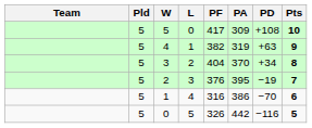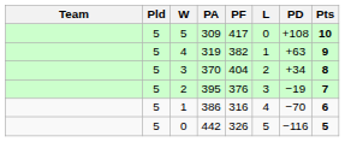 <table class=wikitable style="text-align:center">
 <tr>
 <th width=180>Team</th>
 <th width=30>Pld</th>
 <th width=30>W</th>
+<th width=30>PA</th>
+<th width=30>PF</th>
 <th width=30>L</th>
-<th width=30>PF</th>
-<th width=30>PA</th>
 <th width=30>PD</th>
 <th width=30>Pts</th>
 </tr>
 <tr align=center bgcolor="#ccffcc">
 <td align=left></td>
 <td>5</td>
 <td>5</td>
+<td>309</td>
+<td>417</td>
 <td>0</td>
-<td>417</td>
-<td>309</td>
 <td>+108</td>
 <td><strong>10</strong></td>
 </tr>
 <tr align=center bgcolor="#ccffcc">
 <td align=left></td>
 <td>5</td>
 <td>4</td>
+<td>319</td>
+<td>382</td>
 <td>1</td>
-<td>382</td>
-<td>319</td>
 <td>+63</td>
 <td><strong>9</strong></td>
 </tr>
 <tr align=center bgcolor="#ccffcc">
 <td align=left></td>
 <td>5</td>
 <td>3</td>
+<td>370</td>
+<td>404</td>
 <td>2</td>
-<td>404</td>
-<td>370</td>
 <td>+34</td>
 <td><strong>8</strong></td>
 </tr>
 <tr align=center bgcolor="#ccffcc">
 <td align=left></td>
 <td>5</td>
 <td>2</td>
+<td>395</td>
+<td>376</td>
 <td>3</td>
-<td>376</td>
-<td>395</td>
 <td>−19</td>
 <td><strong>7</strong></td>
 </tr>
 <tr>
 <td align=left></td>
 <td>5</td>
 <td>1</td>
+<td>386</td>
+<td>316</td>
 <td>4</td>
-<td>316</td>
-<td>386</td>
 <td>−70</td>
 <td><strong>6</strong></td>
 </tr>
 <tr>
 <td align=left></td>
 <td>5</td>
 <td>0</td>
+<td>442</td>
+<td>326</td>
 <td>5</td>
-<td>326</td>
-<td>442</td>
 <td>−116</td>
 <td><strong>5</strong></td>
 </tr>
 </table>
